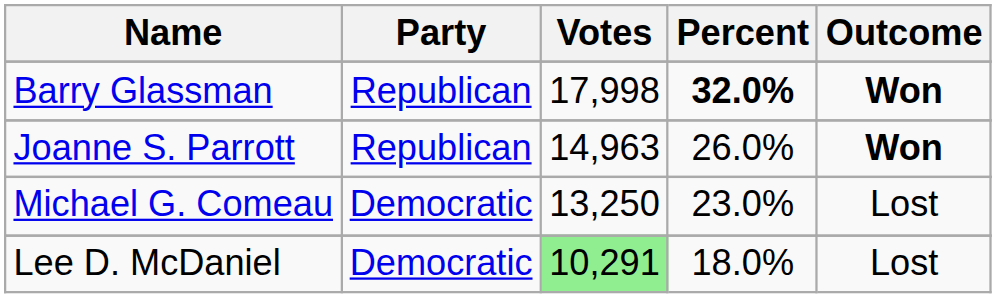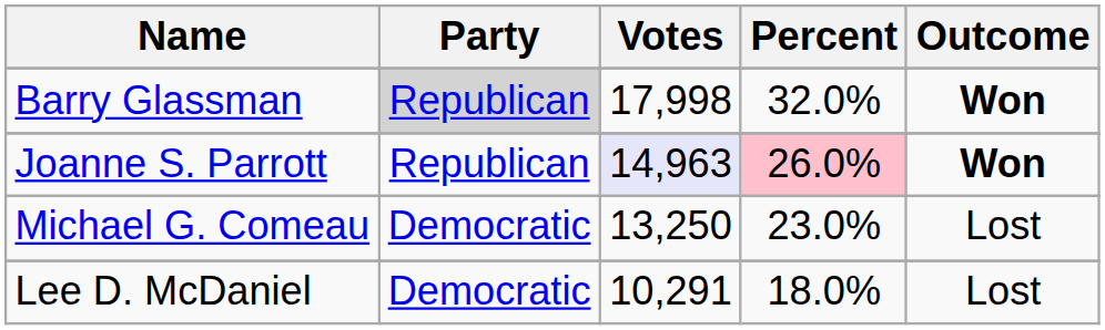 <table class=wikitable style="text-align:center">
 <tr>
 <th>Name</th>
 <th>Party</th>
 <th>Votes</th>
 <th>Percent</th>
 <th>Outcome</th>
 </tr>
 <tr>
 </tr>
 <tr>
 <td align=left><a href='#'>Barry Glassman</a></td>
-<td><a href='#'>Republican</a></td>
+<td style="background: lightgrey;"><a href='#'>Republican</a></td>
 <td>17,998</td>
-<td><strong>32.0%</strong></td>
+<td>32.0%</td>
 <td><strong>Won</strong></td>
 </tr>
 <tr>
 </tr>
 <tr>
 <td align=left><a href='#'>Joanne S. Parrott</a></td>
 <td><a href='#'>Republican</a></td>
-<td>14,963</td>
-<td>26.0%</td>
+<td style="background: lavender;">14,963</td>
+<td style="background: pink;">26.0%</td>
 <td><strong>Won</strong></td>
 </tr>
 <tr>
 </tr>
 <tr>
 <td align=left><a href='#'>Michael G. Comeau</a></td>
 <td><a href='#'>Democratic</a></td>
 <td>13,250</td>
 <td>23.0%</td>
 <td>Lost</td>
 </tr>
 <tr>
 </tr>
 <tr>
 <td align=left>Lee D. McDaniel</td>
 <td><a href='#'>Democratic</a></td>
-<td style="background: lightgreen;">10,291</td>
+<td>10,291</td>
 <td>18.0%</td>
 <td>Lost</td>
 </tr>
 </table>
